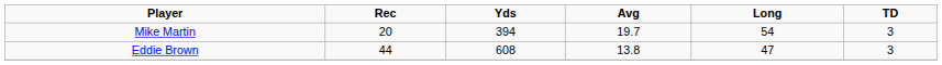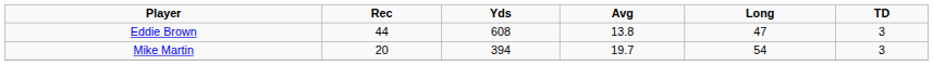 <table class="wikitable" width="80%">
 <tr align="center">
 <td><strong>Player</strong></td>
 <td><strong>Rec</strong></td>
 <td><strong>Yds</strong></td>
 <td><strong>Avg</strong></td>
 <td><strong>Long</strong></td>
 <td><strong>TD</strong></td>
 </tr>
 <tr align="center" bgcolor="">
+<td><a href='#'>Eddie Brown</a></td>
+<td>44</td>
+<td>608</td>
+<td>13.8</td>
+<td>47</td>
+<td>3</td>
+</tr>
+<tr align="center" bgcolor="">
 <td><a href='#'>Mike Martin</a></td>
 <td>20</td>
 <td>394</td>
 <td>19.7</td>
 <td>54</td>
 <td>3</td>
 </tr>
 <tr align="center" bgcolor="">
-<td><a href='#'>Eddie Brown</a></td>
-<td>44</td>
-<td>608</td>
-<td>13.8</td>
-<td>47</td>
-<td>3</td>
-</tr>
-<tr align="center" bgcolor="">
 </tr>
 </table>
